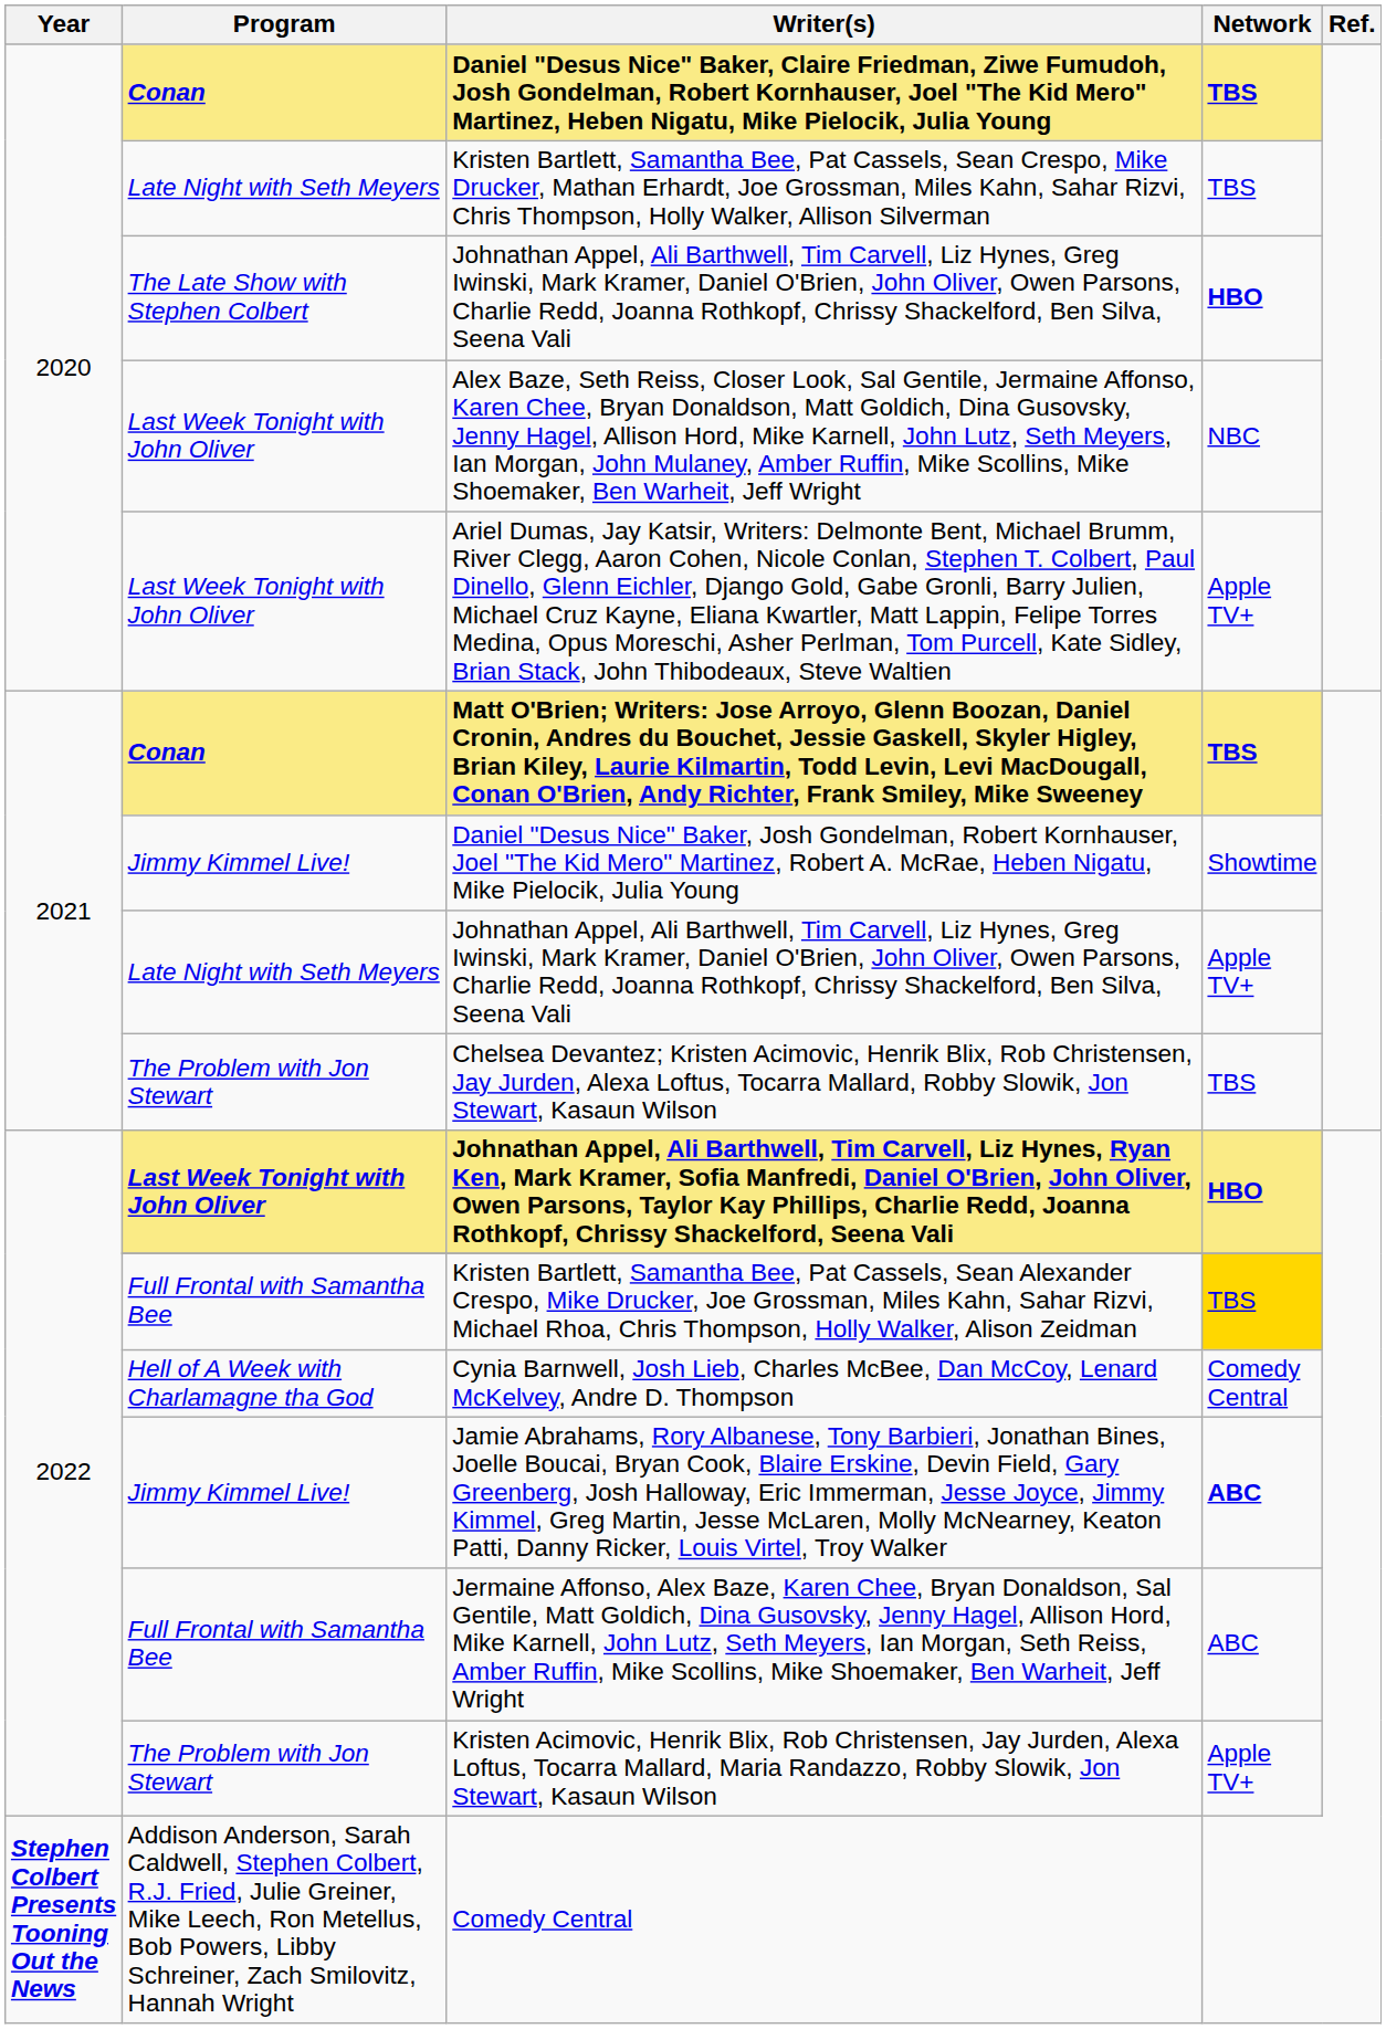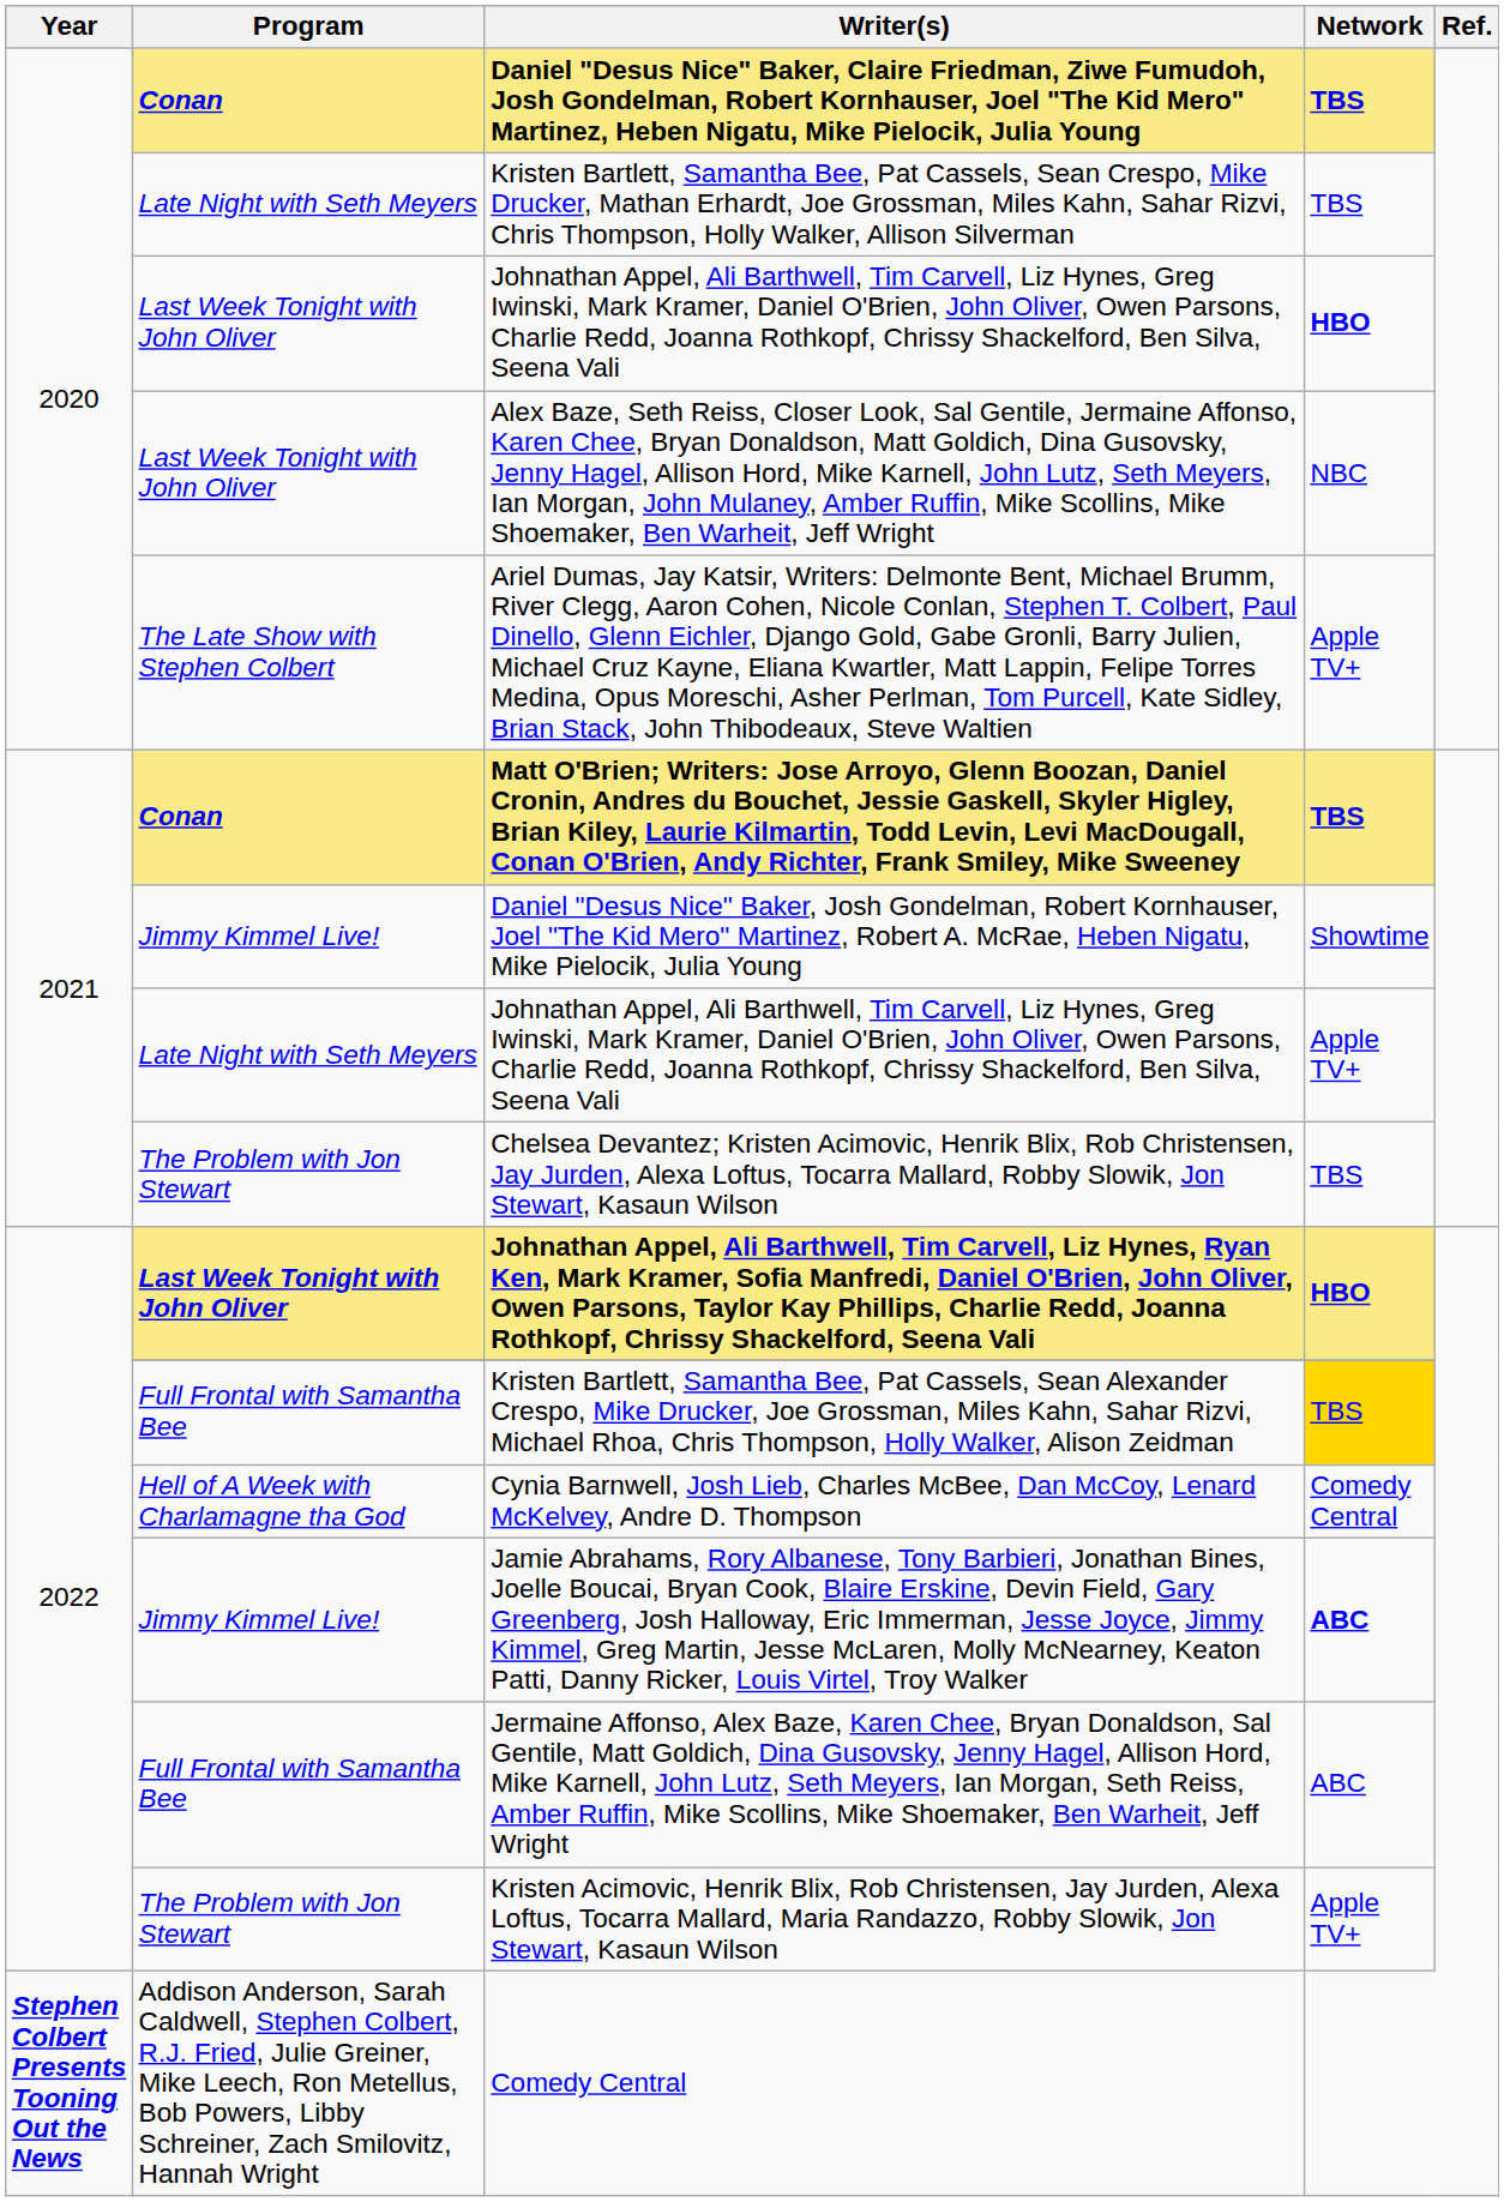 <table class="wikitable" style="width:100%">
 <tr bgcolor="#CCCCCC" align="center">
 <th width="5%">Year</th>
 <th width="25%">Program</th>
 <th width="60%">Writer(s)</th>
 <th width="8%">Network</th>
 <th width="5%">Ref.</th>
 </tr>
 <tr>
 <td rowspan="5" style="text-align:center;">2020<br></td>
 <td style="background:#FAEB86"><strong><em><a href='#'>Conan</a></em></strong></td>
 <td style="background:#FAEB86;"><strong>Daniel "Desus Nice" Baker, Claire Friedman, Ziwe Fumudoh, Josh Gondelman, Robert Kornhauser, Joel "The Kid Mero" Martinez, Heben Nigatu, Mike Pielocik, Julia Young</strong></td>
 <td style="background:#FAEB86"><strong><a href='#'>TBS</a></strong></td>
 <td rowspan=5></td>
 </tr>
 <tr>
 <td><em><a href='#'>Late Night with Seth Meyers</a></em></td>
 <td>Kristen Bartlett, <a href='#'>Samantha Bee</a>, Pat Cassels, Sean Crespo, <a href='#'>Mike Drucker</a>, Mathan Erhardt, Joe Grossman, Miles Kahn, Sahar Rizvi, Chris Thompson, Holly Walker, Allison Silverman</td>
 <td><a href='#'>TBS</a></td>
 </tr>
 <tr>
-<td><em><a href='#'>The Late Show with Stephen Colbert</a></em></td>
+<td><em><a href='#'>Last Week Tonight with John Oliver</a></em></td>
 <td>Johnathan Appel, <a href='#'>Ali Barthwell</a>, <a href='#'>Tim Carvell</a>, Liz Hynes, Greg Iwinski, Mark Kramer, Daniel O'Brien, <a href='#'>John Oliver</a>, Owen Parsons, Charlie Redd, Joanna Rothkopf, Chrissy Shackelford, Ben Silva, Seena Vali</td>
 <td><strong><a href='#'>HBO</a></strong></td>
 </tr>
 <tr>
 <td><em><a href='#'>Last Week Tonight with John Oliver</a></em></td>
 <td>Alex Baze, Seth Reiss, Closer Look, Sal Gentile, Jermaine Affonso, <a href='#'>Karen Chee</a>, Bryan Donaldson, Matt Goldich, Dina Gusovsky, <a href='#'>Jenny Hagel</a>, Allison Hord, Mike Karnell, <a href='#'>John Lutz</a>, <a href='#'>Seth Meyers</a>, Ian Morgan, <a href='#'>John Mulaney</a>, <a href='#'>Amber Ruffin</a>, Mike Scollins, Mike Shoemaker, <a href='#'>Ben Warheit</a>, Jeff Wright</td>
 <td><a href='#'>NBC</a></td>
 </tr>
 <tr>
-<td><em><a href='#'>Last Week Tonight with John Oliver</a></em></td>
+<td><em><a href='#'>The Late Show with Stephen Colbert</a></em></td>
 <td>Ariel Dumas, Jay Katsir, Writers: Delmonte Bent, Michael Brumm, River Clegg, Aaron Cohen, Nicole Conlan, <a href='#'>Stephen T. Colbert</a>, <a href='#'>Paul Dinello</a>, <a href='#'>Glenn Eichler</a>, Django Gold, Gabe Gronli, Barry Julien, Michael Cruz Kayne, Eliana Kwartler, Matt Lappin, Felipe Torres Medina, Opus Moreschi, Asher Perlman, <a href='#'>Tom Purcell</a>, Kate Sidley, <a href='#'>Brian Stack</a>, John Thibodeaux, Steve Waltien</td>
 <td><a href='#'>Apple TV+</a></td>
 </tr>
 <tr>
 <td rowspan="4" style="text-align:center;">2021<br></td>
 <td style="background:#FAEB86"><strong><em><a href='#'>Conan</a></em></strong></td>
 <td style="background:#FAEB86"><strong>Matt O'Brien; Writers: Jose Arroyo, Glenn Boozan, Daniel Cronin, Andres du Bouchet, Jessie Gaskell, Skyler Higley, Brian Kiley, <a href='#'>Laurie Kilmartin</a>, Todd Levin, Levi MacDougall, <a href='#'>Conan O'Brien</a>, <a href='#'>Andy Richter</a>, Frank Smiley, Mike Sweeney</strong></td>
 <td style="background:#FAEB86"><strong><a href='#'>TBS</a></strong></td>
 <td rowspan=4></td>
 </tr>
 <tr>
 <td><em><a href='#'>Jimmy Kimmel Live!</a></em></td>
 <td><a href='#'>Daniel "Desus Nice" Baker</a>, Josh Gondelman, Robert Kornhauser, <a href='#'>Joel "The Kid Mero" Martinez</a>, Robert A. McRae, <a href='#'>Heben Nigatu</a>, Mike Pielocik, Julia Young</td>
 <td><a href='#'>Showtime</a></td>
 </tr>
 <tr>
 <td><em><a href='#'>Late Night with Seth Meyers</a></em></td>
 <td>Johnathan Appel, Ali Barthwell, <a href='#'>Tim Carvell</a>, Liz Hynes, Greg Iwinski, Mark Kramer, Daniel O'Brien, <a href='#'>John Oliver</a>, Owen Parsons, Charlie Redd, Joanna Rothkopf, Chrissy Shackelford, Ben Silva, Seena Vali</td>
 <td><a href='#'>Apple TV+</a></td>
 </tr>
 <tr>
 <td><em><a href='#'>The Problem with Jon Stewart</a></em></td>
 <td>Chelsea Devantez; Kristen Acimovic, Henrik Blix, Rob Christensen, <a href='#'>Jay Jurden</a>, Alexa Loftus, Tocarra Mallard, Robby Slowik, <a href='#'>Jon Stewart</a>, Kasaun Wilson</td>
 <td><a href='#'>TBS</a></td>
 </tr>
 <tr>
 <td rowspan="7" style="text-align:center;">2022<br></td>
 <td style="background:#FAEB86"><strong><em><a href='#'>Last Week Tonight with John Oliver</a></em></strong></td>
 <td style="background:#FAEB86"><strong>Johnathan Appel, <a href='#'>Ali Barthwell</a>, <a href='#'>Tim Carvell</a>, Liz Hynes, <a href='#'>Ryan Ken</a>, Mark Kramer, Sofia Manfredi, <a href='#'>Daniel O'Brien</a>, <a href='#'>John Oliver</a>, Owen Parsons, Taylor Kay Phillips, Charlie Redd, Joanna Rothkopf, Chrissy Shackelford, Seena Vali</strong></td>
 <td style="background:#FAEB86"><strong><a href='#'>HBO</a></strong></td>
 </tr>
 <tr rowspan=7|>
 </tr>
 <tr>
 <td><em><a href='#'>Full Frontal with Samantha Bee</a></em></td>
 <td>Kristen Bartlett, <a href='#'>Samantha Bee</a>, Pat Cassels, Sean Alexander Crespo, <a href='#'>Mike Drucker</a>, Joe Grossman, Miles Kahn, Sahar Rizvi, Michael Rhoa, Chris Thompson, <a href='#'>Holly Walker</a>, Alison Zeidman</td>
 <td style="background: gold;"><a href='#'>TBS</a></td>
 </tr>
 <tr>
 <td><em><a href='#'>Hell of A Week with Charlamagne tha God</a></em></td>
 <td>Cynia Barnwell, <a href='#'>Josh Lieb</a>, Charles McBee, <a href='#'>Dan McCoy</a>, <a href='#'>Lenard McKelvey</a>, Andre D. Thompson</td>
 <td><a href='#'>Comedy Central</a></td>
 </tr>
 <tr>
 <td><em><a href='#'>Jimmy Kimmel Live!</a></em></td>
 <td>Jamie Abrahams, <a href='#'>Rory Albanese</a>, <a href='#'>Tony Barbieri</a>, Jonathan Bines, Joelle Boucai, Bryan Cook, <a href='#'>Blaire Erskine</a>, Devin Field, <a href='#'>Gary Greenberg</a>, Josh Halloway, Eric Immerman, <a href='#'>Jesse Joyce</a>, <a href='#'>Jimmy Kimmel</a>, Greg Martin, Jesse McLaren, Molly McNearney, Keaton Patti, Danny Ricker, <a href='#'>Louis Virtel</a>, Troy Walker</td>
 <td><strong><a href='#'>ABC</a></strong></td>
 </tr>
 <tr>
 <td><em><a href='#'>Full Frontal with Samantha Bee</a></em></td>
 <td>Jermaine Affonso, Alex Baze, <a href='#'>Karen Chee</a>, Bryan Donaldson, Sal Gentile, Matt Goldich, <a href='#'>Dina Gusovsky</a>, <a href='#'>Jenny Hagel</a>, Allison Hord, Mike Karnell, <a href='#'>John Lutz</a>, <a href='#'>Seth Meyers</a>, Ian Morgan, Seth Reiss, <a href='#'>Amber Ruffin</a>, Mike Scollins, Mike Shoemaker, <a href='#'>Ben Warheit</a>, Jeff Wright</td>
 <td><a href='#'>ABC</a></td>
 </tr>
 <tr>
 <td><em><a href='#'>The Problem with Jon Stewart</a></em></td>
 <td>Kristen Acimovic, Henrik Blix, Rob Christensen, Jay Jurden, Alexa Loftus, Tocarra Mallard, Maria Randazzo, Robby Slowik, <a href='#'>Jon Stewart</a>, Kasaun Wilson</td>
 <td><a href='#'>Apple TV+</a></td>
 </tr>
 <tr>
 <td><strong><em><a href='#'>Stephen Colbert Presents Tooning Out the News</a></em></strong></td>
 <td>Addison Anderson, Sarah Caldwell, <a href='#'>Stephen Colbert</a>, <a href='#'>R.J. Fried</a>, Julie Greiner, Mike Leech, Ron Metellus, Bob Powers, Libby Schreiner, Zach Smilovitz, Hannah Wright</td>
 <td><a href='#'>Comedy Central</a></td>
 </tr>
 </table>
